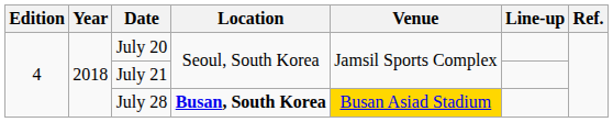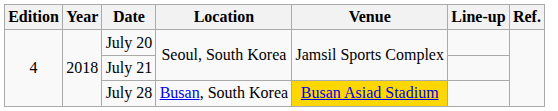 <table class="wikitable" border="1" style="text-align:center;">
 <tr>
 <th scope="col">Edition</th>
 <th scope="col">Year</th>
 <th scope="col">Date</th>
 <th scope="col">Location</th>
 <th scope="col">Venue</th>
 <th scope="col">Line-up</th>
 <th scope="col">Ref.</th>
 </tr>
 <tr>
 <td rowspan="3">4</td>
 <td rowspan="3">2018</td>
 <td>July 20</td>
 <td rowspan="2">Seoul, South Korea</td>
 <td rowspan="2">Jamsil Sports Complex</td>
 <td></td>
 <td rowspan="3"></td>
 </tr>
 <tr>
 <td>July 21</td>
 <td></td>
 </tr>
 <tr>
 <td>July 28</td>
-<td><strong><a href='#'>Busan</a>, South Korea</strong></td>
+<td><a href='#'>Busan</a>, South Korea</td>
 <td style="background: gold;"><a href='#'>Busan Asiad Stadium</a></td>
 <td></td>
 </tr>
 </table>
